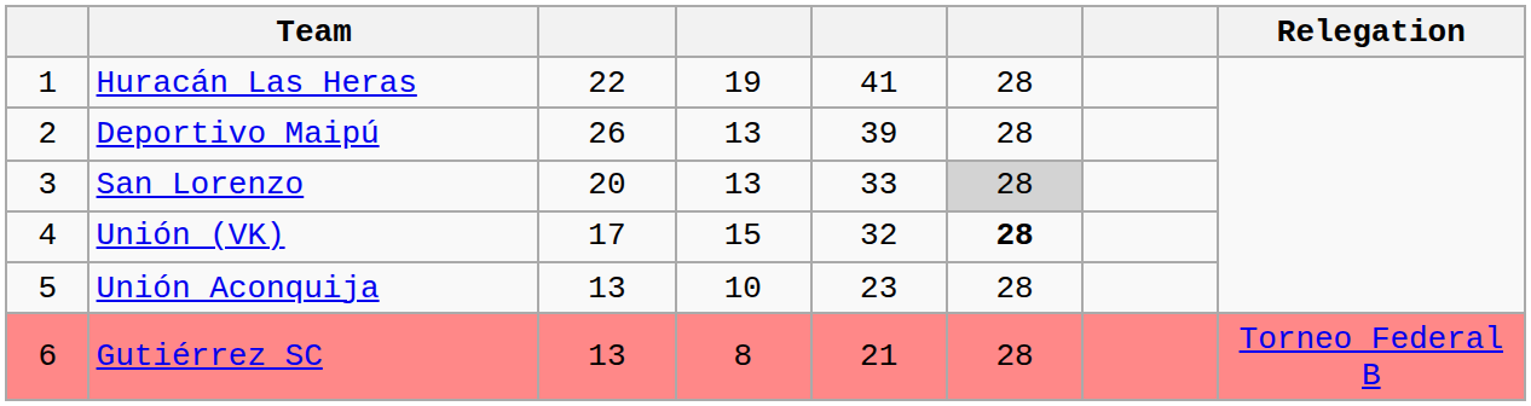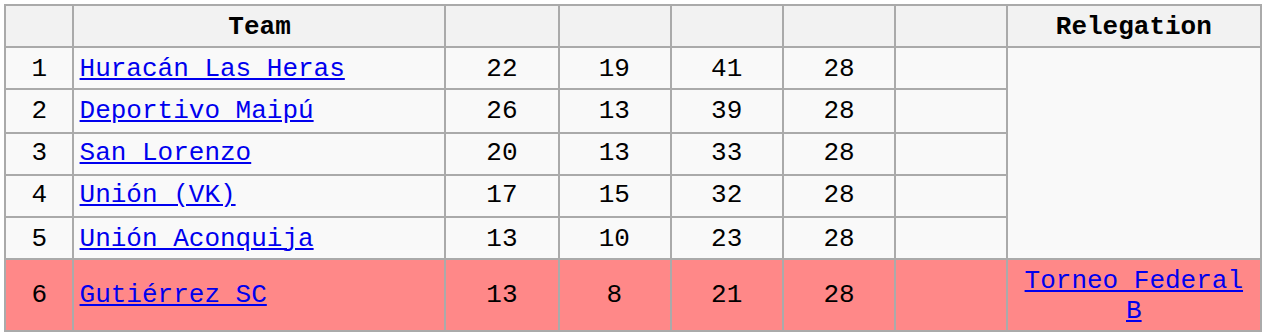 <table class="wikitable" style="text-align: center;">
 <tr>
 <th width=28><br></th>
 <th width=180>Team</th>
 <th width=50></th>
 <th width=50></th>
 <th width=50></th>
 <th width=50></th>
 <th width=50><br></th>
 <th width=120>Relegation</th>
 </tr>
 <tr>
 <td>1</td>
 <td align="left"><a href='#'>Huracán Las Heras</a></td>
 <td>22</td>
 <td>19</td>
 <td>41</td>
 <td>28</td>
 <td><strong></strong></td>
 <td rowspan=5></td>
 </tr>
 <tr>
 <td>2</td>
 <td align="left"><a href='#'>Deportivo Maipú</a></td>
 <td>26</td>
 <td>13</td>
 <td>39</td>
 <td>28</td>
 <td><strong></strong></td>
 </tr>
 <tr>
 <td>3</td>
 <td align="left"><a href='#'>San Lorenzo</a></td>
 <td>20</td>
 <td>13</td>
 <td>33</td>
-<td style="background: lightgrey;">28</td>
+<td>28</td>
 <td><strong></strong></td>
 </tr>
 <tr>
 <td>4</td>
 <td align="left"><a href='#'>Unión (VK)</a></td>
 <td>17</td>
 <td>15</td>
 <td>32</td>
-<td><strong>28</strong></td>
+<td>28</td>
 <td><strong></strong></td>
 </tr>
 <tr>
 <td>5</td>
 <td align="left"><a href='#'>Unión Aconquija</a></td>
 <td>13</td>
 <td>10</td>
 <td>23</td>
 <td>28</td>
 <td><strong></strong></td>
 </tr>
 <tr bgcolor=#FF8888>
 <td>6</td>
 <td align="left"><a href='#'>Gutiérrez SC</a></td>
 <td>13</td>
 <td>8</td>
 <td>21</td>
 <td>28</td>
 <td><strong></strong></td>
 <td><a href='#'>Torneo Federal B</a></td>
 </tr>
 </table>
